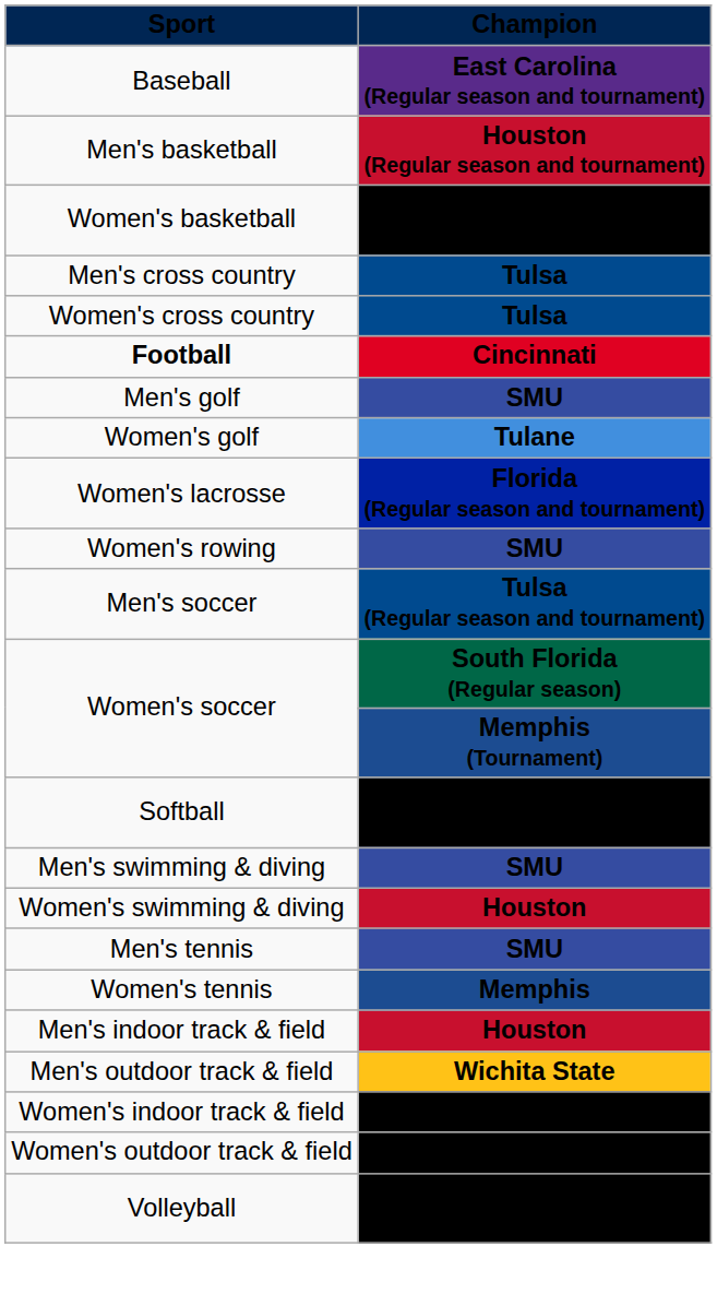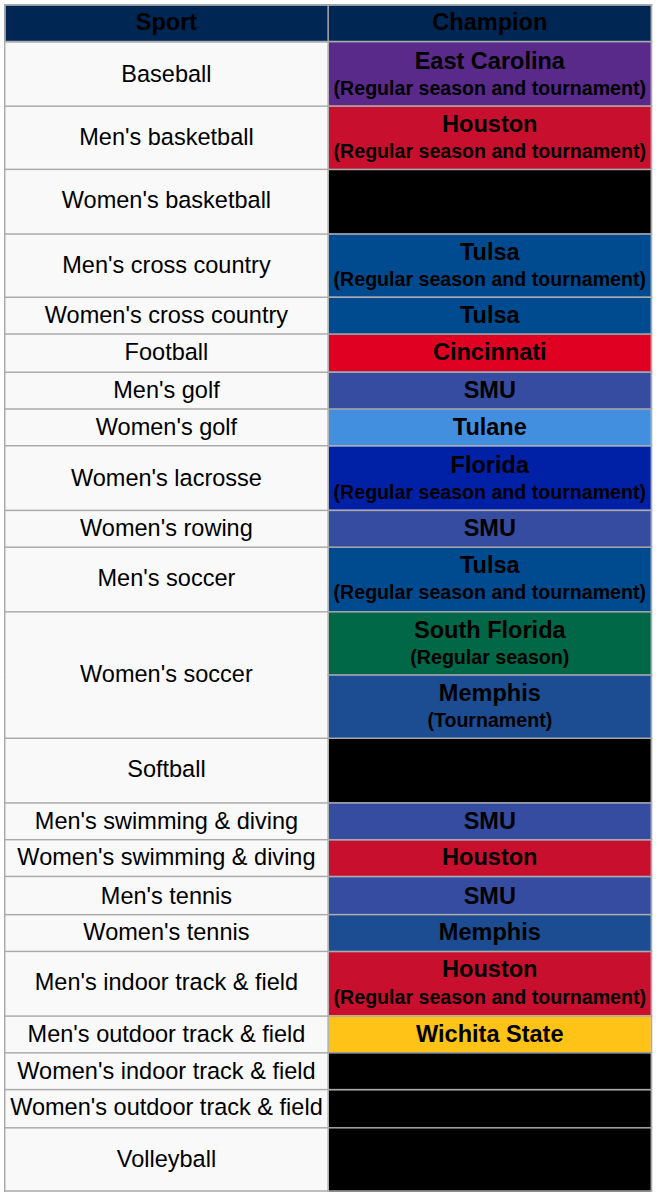 <table class="wikitable" style="text-align: center;">
 <tr>
 <th style="background:#002654;"><span>Sport</span></th>
 <th style="background:#002654;"><span>Champion</span></th>
 </tr>
 <tr>
 <td>Baseball</td>
 <td style="background:#592A8A;"><span><strong>East Carolina<br><small>(Regular season and tournament)</small></strong></span></td>
 </tr>
 <tr>
 <td>Men's basketball</td>
 <td style="background:#c8102e;"><span><strong>Houston<br><small>(Regular season and tournament)</small></strong></span></td>
 </tr>
 <tr>
 <td>Women's basketball</td>
 <td style="background:#000000;"><span><strong>UCF<br><small>(Regular season and tournament)</small></strong></span></td>
 </tr>
 <tr>
 <td>Men's cross country</td>
-<td style="background:#004a8f;"><span><strong>Tulsa</strong></span></td>
+<td style="background:#004a8f;"><span><strong>Tulsa<br><small>(Regular season and tournament)</small></strong></span></td>
 </tr>
 <tr>
 <td>Women's cross country</td>
 <td style="background:#004a8f;"><span><strong>Tulsa</strong></span></td>
 </tr>
 <tr>
-<td><strong>Football</strong></td>
+<td>Football</td>
 <td style="background:#e00122;"><span><strong>Cincinnati</strong></span></td>
 </tr>
 <tr>
 <td>Men's golf</td>
 <td style="background:#354ca1;"><span><strong>SMU</strong></span></td>
 </tr>
 <tr>
 <td>Women's golf</td>
 <td style="background:#418fde;"><span><strong>Tulane</strong></span></td>
 </tr>
 <tr>
 <td>Women's lacrosse</td>
 <td style="background:#0021a5;"><span><strong>Florida<br><small>(Regular season and tournament)</small></strong></span></td>
 </tr>
 <tr>
 <td>Women's rowing</td>
 <td style="background:#354ca1;"><span><strong>SMU</strong></span></td>
 </tr>
 <tr>
 <td>Men's soccer</td>
 <td style="background:#004a8f;"><span><strong>Tulsa<br><small>(Regular season and tournament)</small></strong></span></td>
 </tr>
 <tr>
 <td rowspan="2">Women's soccer</td>
 <td style="background:#006747;"><span><strong>South Florida<br><small>(Regular season)</small></strong></span></td>
 </tr>
 <tr>
 <td style="background:#1c4c91;"><span><strong>Memphis<br><small>(Tournament)</small></strong></span></td>
 </tr>
 <tr>
 <td>Softball</td>
 <td style="background:#000000;"><span><strong>UCF<br><small>(Regular season and tournament)</small></strong></span></td>
 </tr>
 <tr>
 <td>Men's swimming & diving</td>
 <td style="background:#354ca1;"><span><strong>SMU</strong></span></td>
 </tr>
 <tr>
 <td>Women's swimming & diving</td>
 <td style="background:#c8102e;"><span><strong>Houston</strong></span></td>
 </tr>
 <tr>
 <td>Men's tennis</td>
 <td style="background:#354ca1;"><span><strong>SMU</strong></span></td>
 </tr>
 <tr>
 <td>Women's tennis</td>
 <td style="background:#1c4c91;"><span><strong>Memphis</strong></span></td>
 </tr>
 <tr>
 <td>Men's indoor track & field</td>
-<td style="background:#c8102e;"><span><strong>Houston</strong></span></td>
+<td style="background:#c8102e;"><span><strong>Houston<br><small>(Regular season and tournament)</small></strong></span></td>
 </tr>
 <tr>
 <td>Men's outdoor track & field</td>
 <td style="background:#ffc217;"><span><strong>Wichita State<br></strong></span></td>
 </tr>
 <tr>
 <td>Women's indoor track & field</td>
 <td style="background:#000000;"><span><strong>UCF</strong></span></td>
 </tr>
 <tr>
 <td>Women's outdoor track & field</td>
 <td style="background:#000000;"><span><strong>UCF</strong></span></td>
 </tr>
 <tr>
 <td>Volleyball</td>
 <td style="background:#000000;"><span><strong>UCF<br><small>(Regular season and tournament)</small></strong></span></td>
 </tr>
 </table>
